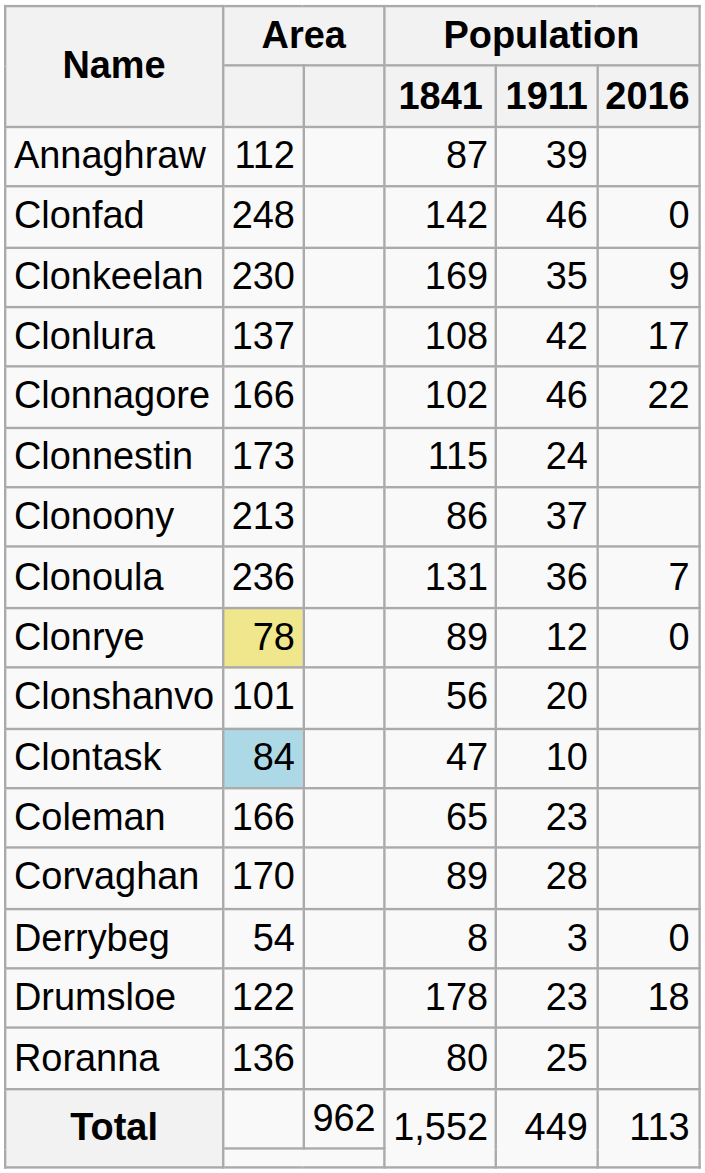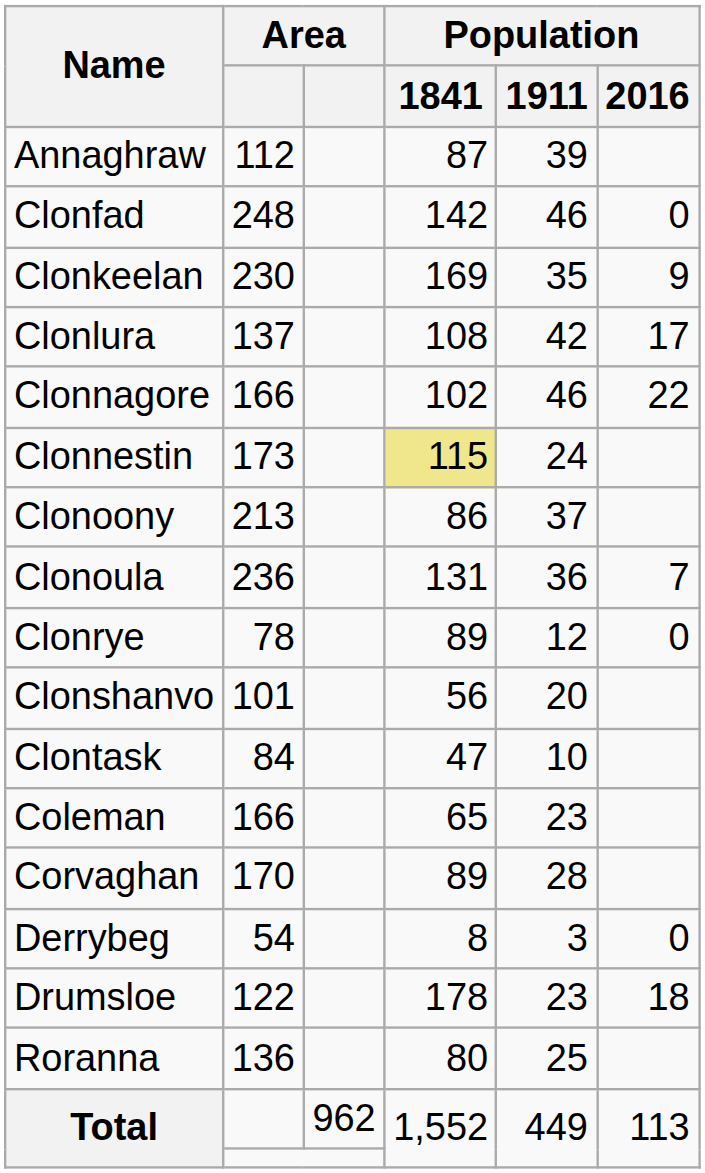 <table class="wikitable sortable" style="display: inline-table;">
 <tr>
 <th rowspan=2>Name</th>
 <th colspan=2>Area</th>
 <th colspan=3>Population</th>
 </tr>
 <tr>
 <th data-sort-type=number><br></th>
 <th data-sort-type=number><br></th>
 <th data-sort-type=number>1841<br></th>
 <th data-sort-type=number>1911<br></th>
 <th data-sort-type=number>2016<br></th>
 </tr>
 <tr>
 <td>Annaghraw</td>
 <td align=right>112</td>
 <td align=right></td>
 <td align=right>87</td>
 <td align=right>39</td>
 <td align=right data-sort-value=2></td>
 </tr>
 <tr>
 <td>Clonfad</td>
 <td align=right>248</td>
 <td align=right></td>
 <td align=right>142</td>
 <td align=right>46</td>
 <td align=right>0</td>
 </tr>
 <tr>
 <td>Clonkeelan</td>
 <td align=right>230</td>
 <td align=right></td>
 <td align=right>169</td>
 <td align=right>35</td>
 <td align=right>9</td>
 </tr>
 <tr>
 <td>Clonlura</td>
 <td align=right>137</td>
 <td align=right></td>
 <td align=right>108</td>
 <td align=right>42</td>
 <td align=right>17</td>
 </tr>
 <tr>
 <td>Clonnagore</td>
 <td align=right>166</td>
 <td align=right></td>
 <td align=right>102</td>
 <td align=right>46</td>
 <td align=right>22</td>
 </tr>
 <tr>
 <td>Clonnestin</td>
 <td align=right>173</td>
 <td align=right></td>
-<td align=right>115</td>
+<td align=right style="background: khaki;">115</td>
 <td align=right>24</td>
 <td align=right data-sort-value=2></td>
 </tr>
 <tr>
 <td>Clonoony</td>
 <td align=right>213</td>
 <td align=right></td>
 <td align=right>86</td>
 <td align=right>37</td>
 <td align=right data-sort-value=2></td>
 </tr>
 <tr>
 <td>Clonoula</td>
 <td align=right>236</td>
 <td align=right></td>
 <td align=right>131</td>
 <td align=right>36</td>
 <td align=right>7</td>
 </tr>
 <tr>
 <td>Clonrye</td>
-<td align=right style="background: khaki;">78</td>
+<td align=right>78</td>
 <td align=right></td>
 <td align=right>89</td>
 <td align=right>12</td>
 <td align=right>0</td>
 </tr>
 <tr>
 <td>Clonshanvo</td>
 <td align=right>101</td>
 <td align=right></td>
 <td align=right>56</td>
 <td align=right>20</td>
 <td align=right data-sort-value=2></td>
 </tr>
 <tr>
 <td>Clontask</td>
-<td align=right style="background: lightblue;">84</td>
+<td align=right>84</td>
 <td align=right></td>
 <td align=right>47</td>
 <td align=right>10</td>
 <td align=right data-sort-value=2></td>
 </tr>
 <tr>
 <td>Coleman</td>
 <td align=right>166</td>
 <td align=right></td>
 <td align=right>65</td>
 <td align=right>23</td>
 <td align=right data-sort-value=2></td>
 </tr>
 <tr>
 <td>Corvaghan</td>
 <td align=right>170</td>
 <td align=right></td>
 <td align=right>89</td>
 <td align=right>28</td>
 <td align=right data-sort-value=2></td>
 </tr>
 <tr>
 <td>Derrybeg</td>
 <td align=right>54</td>
 <td align=right></td>
 <td align=right>8</td>
 <td align=right>3</td>
 <td align=right>0</td>
 </tr>
 <tr>
 <td>Drumsloe</td>
 <td align=right>122</td>
 <td align=right></td>
 <td align=right>178</td>
 <td align=right>23</td>
 <td align=right>18</td>
 </tr>
 <tr>
 <td>Roranna</td>
 <td align=right>136</td>
 <td align=right></td>
 <td align=right>80</td>
 <td align=right>25</td>
 <td align=right data-sort-value=2></td>
 </tr>
 <tr class="sortbottom">
 <th rowspan=2>Total</th>
 <td align=right></td>
 <td align=right>962</td>
 <td rowspan=2 align=right>1,552</td>
 <td rowspan=2 align=right>449</td>
 <td rowspan=2 align=right>113</td>
 </tr>
 <tr class="sortbottom">
 <td colspan=2 align=center></td>
 </tr>
 </table>
